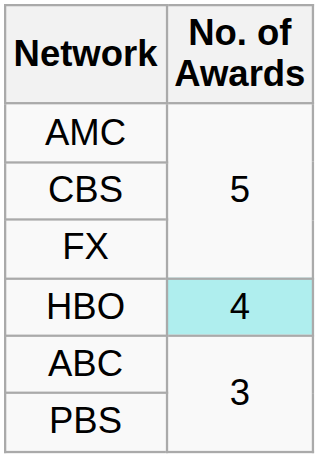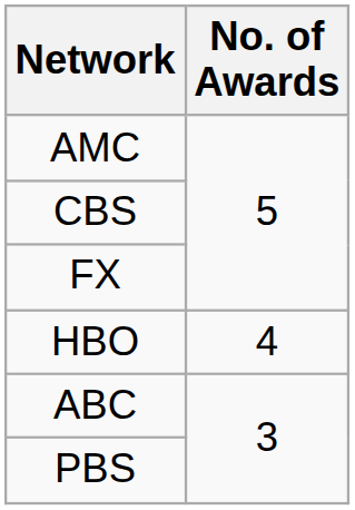 <table class="wikitable">
 <tr>
 <th>Network</th>
 <th>No. of<br>Awards</th>
 </tr>
 <tr style="text-align:center">
 <td>AMC</td>
 <td rowspan="3">5</td>
 </tr>
 <tr style="text-align:center">
 <td>CBS</td>
 </tr>
 <tr style="text-align:center">
 <td>FX</td>
 </tr>
 <tr style="text-align:center">
 <td>HBO</td>
-<td style="background: paleturquoise;">4</td>
+<td>4</td>
 </tr>
 <tr style="text-align:center">
 <td>ABC</td>
 <td rowspan="2">3</td>
 </tr>
 <tr style="text-align:center">
 <td>PBS</td>
 </tr>
 </table>
